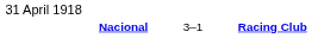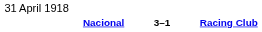 <table width=100% cellspacing=1>
 <tr>
 <th width=20%></th>
 <th width=12%></th>
 <th width=20%></th>
 <th></th>
 </tr>
 <tr>
 <td>31 April 1918</td>
 </tr>
 <tr style=font-size:90%>
 <td align=right><strong> <a href='#'>Nacional</a></strong></td>
-<td align=center>3–1</td>
+<td align=center><strong>3–1</strong></td>
 <td><strong> <a href='#'>Racing Club</a></strong></td>
 <td></td>
 </tr>
 <tr>
 </tr>
 </table>
